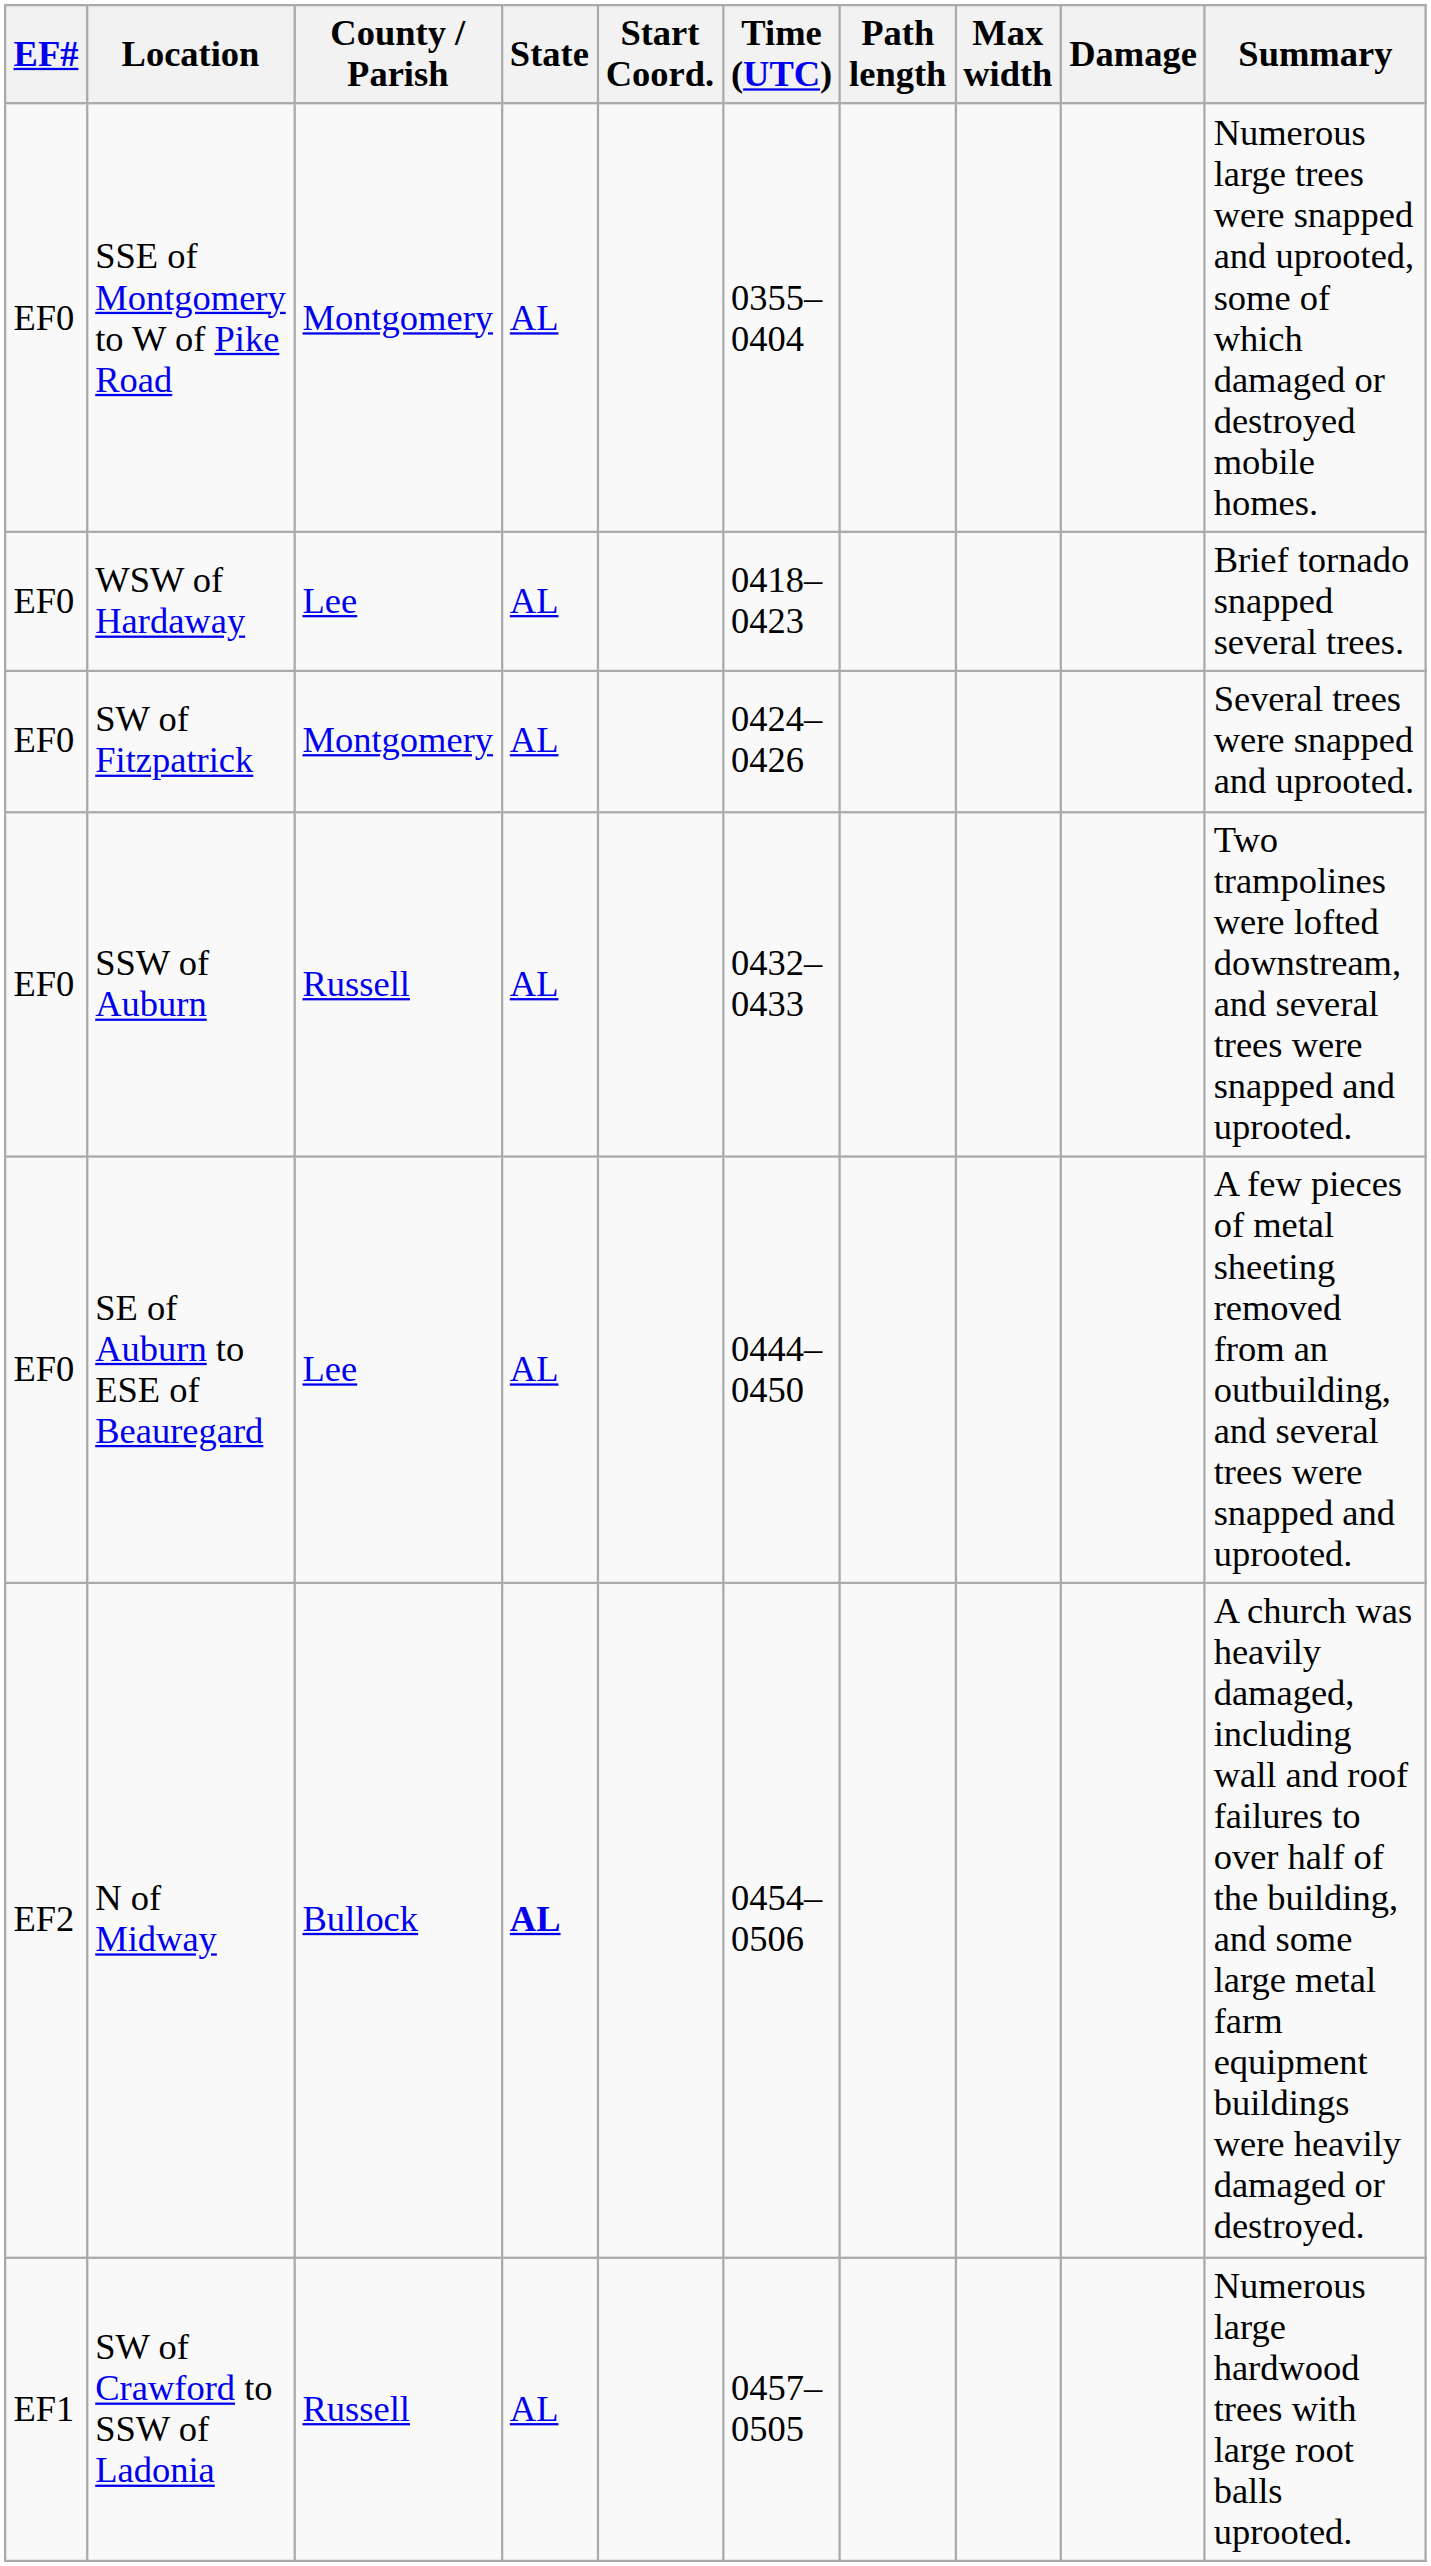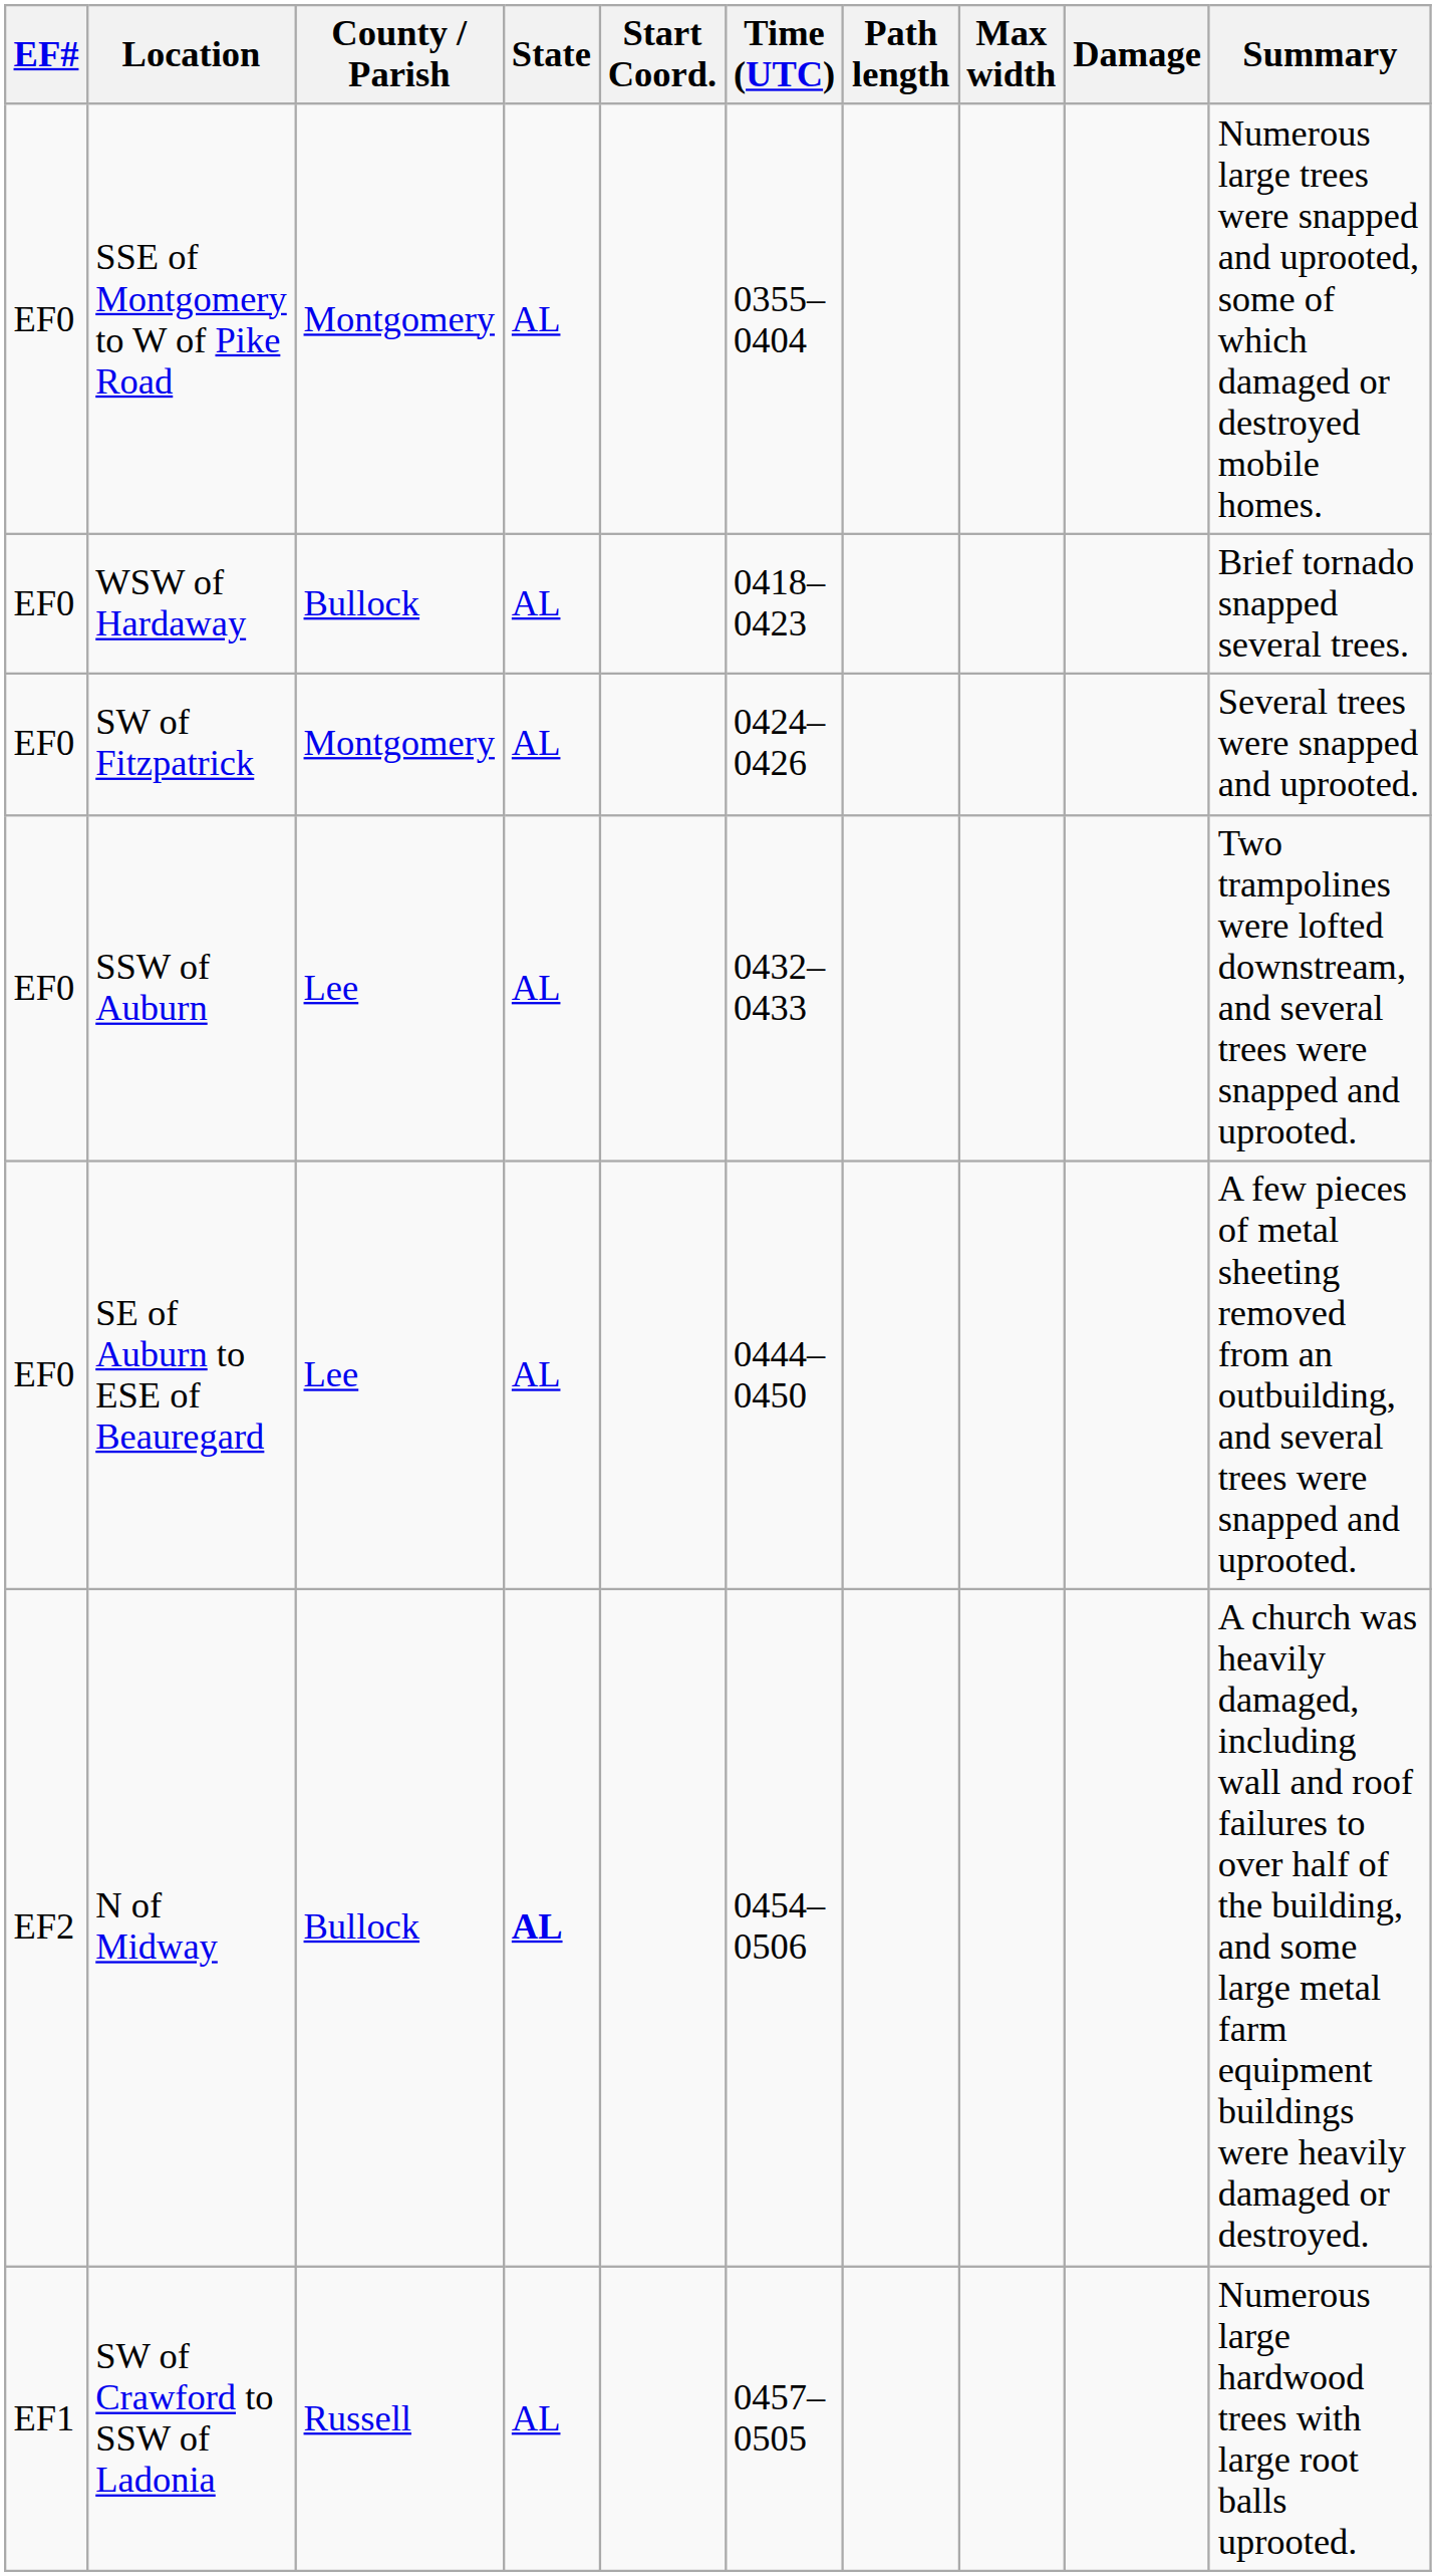 <table class="wikitable sortable" style="width:100%;">
 <tr>
 <th scope="col" width="3%" align="center"><a href='#'>EF#</a></th>
 <th scope="col" width="7%" align="center" class="unsortable">Location</th>
 <th scope="col" width="6%" align="center" class="unsortable">County / Parish</th>
 <th scope="col" width="5%" align="center">State</th>
 <th scope="col" width="6%" align="center">Start Coord.</th>
 <th scope="col" width="6%" align="center">Time (<a href='#'>UTC</a>)</th>
 <th scope="col" width="6%" align="center">Path length</th>
 <th scope="col" width="6%" align="center">Max width</th>
 <th scope="col" width="6%" align="center">Damage</th>
 <th scope="col" width="48%" class="unsortable" align="center">Summary</th>
 </tr>
 <tr>
 <td>EF0</td>
 <td>SSE of <a href='#'>Montgomery</a> to W of <a href='#'>Pike Road</a></td>
 <td><a href='#'>Montgomery</a></td>
 <td><a href='#'>AL</a></td>
 <td></td>
 <td>0355–0404</td>
 <td></td>
 <td></td>
 <td></td>
 <td>Numerous large trees were snapped and uprooted, some of which damaged or destroyed mobile homes.</td>
 </tr>
 <tr>
 <td>EF0</td>
 <td>WSW of <a href='#'>Hardaway</a></td>
-<td><a href='#'>Lee</a></td>
+<td><a href='#'>Bullock</a></td>
 <td><a href='#'>AL</a></td>
 <td></td>
 <td>0418–0423</td>
 <td></td>
 <td></td>
 <td></td>
 <td>Brief tornado snapped several trees.</td>
 </tr>
 <tr>
 <td>EF0</td>
 <td>SW of <a href='#'>Fitzpatrick</a></td>
 <td><a href='#'>Montgomery</a></td>
 <td><a href='#'>AL</a></td>
 <td></td>
 <td>0424–0426</td>
 <td></td>
 <td></td>
 <td></td>
 <td>Several trees were snapped and uprooted.</td>
 </tr>
 <tr>
 <td>EF0</td>
 <td>SSW of <a href='#'>Auburn</a></td>
-<td><a href='#'>Russell</a></td>
+<td><a href='#'>Lee</a></td>
 <td><a href='#'>AL</a></td>
 <td></td>
 <td>0432–0433</td>
 <td></td>
 <td></td>
 <td></td>
 <td>Two trampolines were lofted downstream, and several trees were snapped and uprooted.</td>
 </tr>
 <tr>
 <td>EF0</td>
 <td>SE of <a href='#'>Auburn</a> to ESE of <a href='#'>Beauregard</a></td>
 <td><a href='#'>Lee</a></td>
 <td><a href='#'>AL</a></td>
 <td></td>
 <td>0444–0450</td>
 <td></td>
 <td></td>
 <td></td>
 <td>A few pieces of metal sheeting removed from an outbuilding, and several trees were snapped and uprooted.</td>
 </tr>
 <tr>
 <td>EF2</td>
 <td>N of <a href='#'>Midway</a></td>
 <td><a href='#'>Bullock</a></td>
 <td><strong><a href='#'>AL</a></strong></td>
 <td></td>
 <td>0454–0506</td>
 <td></td>
 <td></td>
 <td></td>
 <td>A church was heavily damaged, including wall and roof failures to over half of the building, and some large metal farm equipment buildings were heavily damaged or destroyed.</td>
 </tr>
 <tr>
 <td>EF1</td>
 <td>SW of <a href='#'>Crawford</a> to SSW of <a href='#'>Ladonia</a></td>
 <td><a href='#'>Russell</a></td>
 <td><a href='#'>AL</a></td>
 <td></td>
 <td>0457–0505</td>
 <td></td>
 <td></td>
 <td></td>
 <td>Numerous large hardwood trees with large root balls uprooted.</td>
 </tr>
 <tr>
 </tr>
 </table>
